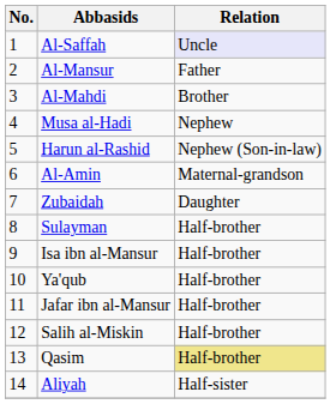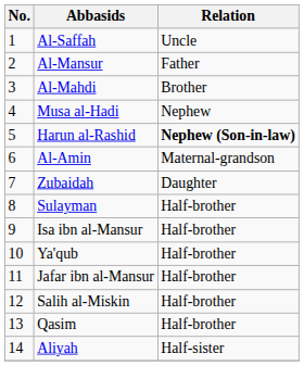 <table class="wikitable" border="2">
 <tr>
 <th>No.</th>
 <th>Abbasids</th>
 <th>Relation</th>
 </tr>
 <tr>
 <td>1</td>
 <td><a href='#'>Al-Saffah</a></td>
-<td style="background: lavender;">Uncle</td>
+<td>Uncle</td>
 </tr>
 <tr>
 <td>2</td>
 <td><a href='#'>Al-Mansur</a></td>
 <td>Father</td>
 </tr>
 <tr>
 <td>3</td>
 <td><a href='#'>Al-Mahdi</a></td>
 <td>Brother</td>
 </tr>
 <tr>
 <td>4</td>
 <td><a href='#'>Musa al-Hadi</a></td>
 <td>Nephew</td>
 </tr>
 <tr>
 <td>5</td>
 <td><a href='#'>Harun al-Rashid</a></td>
-<td>Nephew (Son-in-law)</td>
+<td><strong>Nephew (Son-in-law)</strong></td>
 </tr>
 <tr>
 <td>6</td>
 <td><a href='#'>Al-Amin</a></td>
 <td>Maternal-grandson</td>
 </tr>
 <tr>
 <td>7</td>
 <td><a href='#'>Zubaidah</a></td>
 <td>Daughter</td>
 </tr>
 <tr>
 <td>8</td>
 <td><a href='#'>Sulayman</a></td>
 <td>Half-brother</td>
 </tr>
 <tr>
 <td>9</td>
 <td>Isa ibn al-Mansur</td>
 <td>Half-brother</td>
 </tr>
 <tr>
 <td>10</td>
 <td>Ya'qub</td>
 <td>Half-brother</td>
 </tr>
 <tr>
 <td>11</td>
 <td>Jafar ibn al-Mansur</td>
 <td>Half-brother</td>
 </tr>
 <tr>
 <td>12</td>
 <td>Salih al-Miskin</td>
 <td>Half-brother</td>
 </tr>
 <tr>
 <td>13</td>
 <td>Qasim</td>
-<td style="background: khaki;">Half-brother</td>
+<td>Half-brother</td>
 </tr>
 <tr>
 <td>14</td>
 <td><a href='#'>Aliyah</a></td>
 <td>Half-sister</td>
 </tr>
 <tr>
 </tr>
 </table>
